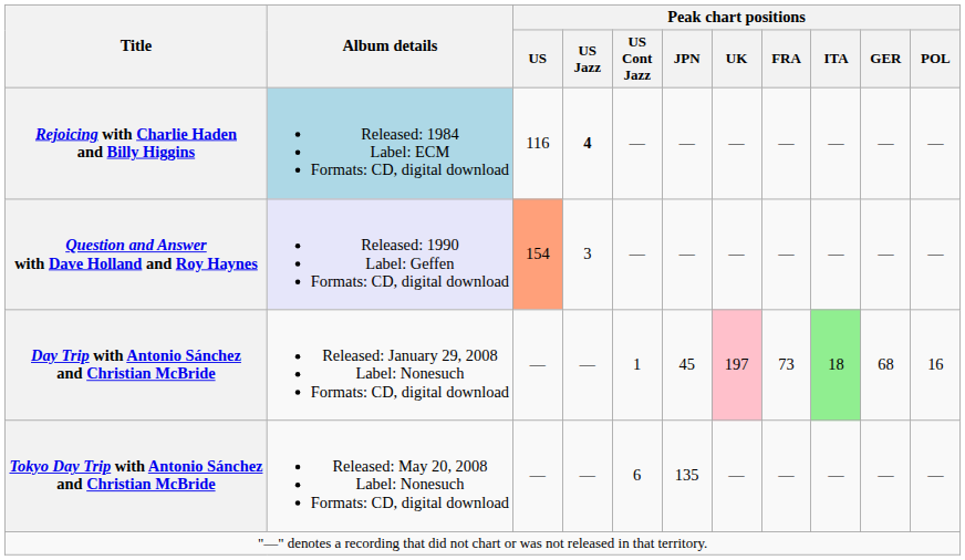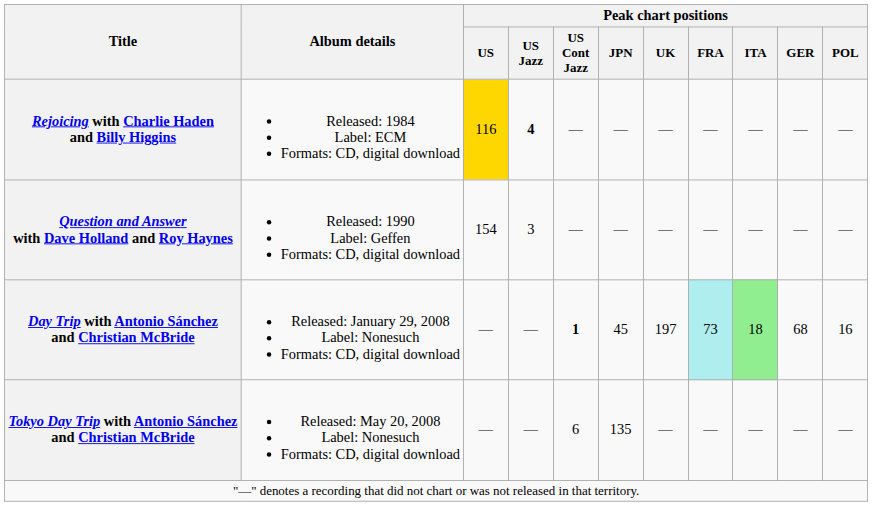 <table class="wikitable plainrowheaders" style="text-align:center;">
 <tr>
 <th scope="col" rowspan="2" style="width:16em;">Title</th>
 <th scope="col" rowspan="2">Album details</th>
 <th scope="col" colspan="9">Peak chart positions</th>
 </tr>
 <tr>
 <th scope="col" style="width:3em;font-size:90%;">US<br></th>
 <th scope="col" style="width:3em;font-size:90%;">US<br>Jazz<br></th>
 <th scope="col" style="width:3em;font-size:90%;">US<br>Cont<br>Jazz<br></th>
 <th scope="col" style="width:3em;font-size:90%;">JPN<br></th>
 <th scope="col" style="width:3em;font-size:90%;">UK<br></th>
 <th scope="col" style="width:3em;font-size:90%;">FRA<br></th>
 <th scope="col" style="width:3em;font-size:90%;">ITA<br></th>
 <th scope="col" style="width:3em;font-size:90%;">GER<br></th>
 <th scope="col" style="width:3em;font-size:90%;">POL<br></th>
 </tr>
 <tr>
 <th scope="row"><em><a href='#'>Rejoicing</a></em> with <a href='#'>Charlie Haden</a><br>and <a href='#'>Billy Higgins</a></th>
-<td style="background: lightblue;"><br><ul><li>Released: 1984</li><li>Label: ECM</li><li>Formats: CD, digital download</li></ul></td>
-<td>116</td>
+<td><br><ul><li>Released: 1984</li><li>Label: ECM</li><li>Formats: CD, digital download</li></ul></td>
+<td style="background: gold;">116</td>
 <td><strong>4</strong></td>
 <td>—</td>
 <td>—</td>
 <td>—</td>
 <td>—</td>
 <td>—</td>
 <td>—</td>
 <td>—</td>
 </tr>
 <tr>
 <th scope="row"><em><a href='#'>Question and Answer</a></em><br>with <a href='#'>Dave Holland</a> and <a href='#'>Roy Haynes</a></th>
-<td style="background: lavender;"><br><ul><li>Released: 1990</li><li>Label: Geffen</li><li>Formats: CD, digital download</li></ul></td>
-<td style="background: lightsalmon;">154</td>
+<td><br><ul><li>Released: 1990</li><li>Label: Geffen</li><li>Formats: CD, digital download</li></ul></td>
+<td>154</td>
 <td>3</td>
 <td>—</td>
 <td>—</td>
 <td>—</td>
 <td>—</td>
 <td>—</td>
 <td>—</td>
 <td>—</td>
 </tr>
 <tr>
 <th scope="row"><em><a href='#'>Day Trip</a></em> with <a href='#'>Antonio Sánchez</a><br>and <a href='#'>Christian McBride</a></th>
 <td><br><ul><li>Released: January 29, 2008</li><li>Label: Nonesuch</li><li>Formats: CD, digital download</li></ul></td>
 <td>—</td>
 <td>—</td>
-<td>1</td>
+<td><strong>1</strong></td>
 <td>45</td>
-<td style="background: pink;">197</td>
-<td>73</td>
+<td>197</td>
+<td style="background: paleturquoise;">73</td>
 <td style="background: lightgreen;">18</td>
 <td>68</td>
 <td>16</td>
 </tr>
 <tr>
 <th scope="row"><em><a href='#'>Tokyo Day Trip</a></em> with <a href='#'>Antonio Sánchez</a><br>and <a href='#'>Christian McBride</a></th>
 <td><br><ul><li>Released: May 20, 2008</li><li>Label: Nonesuch</li><li>Formats: CD, digital download</li></ul></td>
 <td>—</td>
 <td>—</td>
 <td>6</td>
 <td>135</td>
 <td>—</td>
 <td>—</td>
 <td>—</td>
 <td>—</td>
 <td>—</td>
 </tr>
 <tr>
 <td colspan="20" style="font-size:90%">"—" denotes a recording that did not chart or was not released in that territory.</td>
 </tr>
 </table>
